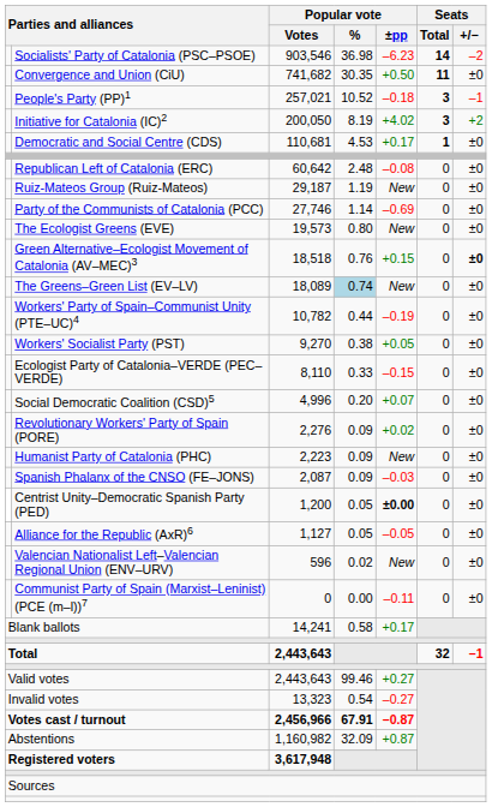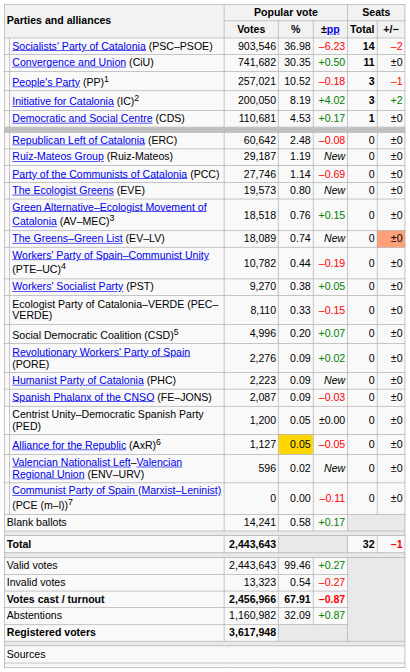 <table class="wikitable" style="text-align:right;">
 <tr>
 <th style="text-align:left;" rowspan="2" colspan="2" width="525">Parties and alliances</th>
 <th colspan="3">Popular vote</th>
 <th colspan="2">Seats</th>
 </tr>
 <tr>
 <th width="75">Votes</th>
 <th width="45">%</th>
 <th width="45">±<a href='#'>pp</a></th>
 <th width="35">Total</th>
 <th width="35">+/−</th>
 </tr>
 <tr>
 <td width="1" style="color:inherit;background:"></td>
 <td align="left"><a href='#'>Socialists' Party of Catalonia</a> (PSC–PSOE)</td>
 <td>903,546</td>
 <td>36.98</td>
 <td style="color:red;">–6.23</td>
 <td><strong>14</strong></td>
 <td style="color:red;">–2</td>
 </tr>
 <tr>
 <td style="color:inherit;background:"></td>
 <td align="left"><a href='#'>Convergence and Union</a> (CiU)</td>
 <td>741,682</td>
 <td>30.35</td>
 <td style="color:green;">+0.50</td>
 <td><strong>11</strong></td>
 <td>±0</td>
 </tr>
 <tr>
 <td style="color:inherit;background:"></td>
 <td align="left"><a href='#'>People's Party</a> (PP)<sup>1</sup></td>
 <td>257,021</td>
 <td>10.52</td>
 <td style="color:red;">–0.18</td>
 <td><strong>3</strong></td>
 <td style="color:red;">–1</td>
 </tr>
 <tr>
 <td style="color:inherit;background:"></td>
 <td align="left"><a href='#'>Initiative for Catalonia</a> (IC)<sup>2</sup></td>
 <td>200,050</td>
 <td>8.19</td>
 <td style="color:green;">+4.02</td>
 <td><strong>3</strong></td>
 <td style="color:green;">+2</td>
 </tr>
 <tr>
 <td style="color:inherit;background:"></td>
 <td align="left"><a href='#'>Democratic and Social Centre</a> (CDS)</td>
 <td>110,681</td>
 <td>4.53</td>
 <td style="color:green;">+0.17</td>
 <td><strong>1</strong></td>
 <td>±0</td>
 </tr>
 <tr>
 <td colspan="7" bgcolor="#C0C0C0"></td>
 </tr>
 <tr>
 <td style="color:inherit;background:"></td>
 <td align="left"><a href='#'>Republican Left of Catalonia</a> (ERC)</td>
 <td>60,642</td>
 <td>2.48</td>
 <td style="color:red;">–0.08</td>
 <td>0</td>
 <td>±0</td>
 </tr>
 <tr>
 <td style="color:inherit;background:"></td>
 <td align="left"><a href='#'>Ruiz-Mateos Group</a> (Ruiz-Mateos)</td>
 <td>29,187</td>
 <td>1.19</td>
 <td><em>New</em></td>
 <td>0</td>
 <td>±0</td>
 </tr>
 <tr>
 <td style="color:inherit;background:"></td>
 <td align="left"><a href='#'>Party of the Communists of Catalonia</a> (PCC)</td>
 <td>27,746</td>
 <td>1.14</td>
 <td style="color:red;">–0.69</td>
 <td>0</td>
 <td>±0</td>
 </tr>
 <tr>
 <td style="color:inherit;background:"></td>
 <td align="left"><a href='#'>The Ecologist Greens</a> (EVE)</td>
 <td>19,573</td>
 <td>0.80</td>
 <td><em>New</em></td>
 <td>0</td>
 <td>±0</td>
 </tr>
 <tr>
 <td style="color:inherit;background:"></td>
 <td align="left"><a href='#'>Green Alternative–Ecologist Movement of Catalonia</a> (AV–MEC)<sup>3</sup></td>
 <td>18,518</td>
 <td>0.76</td>
 <td style="color:green;">+0.15</td>
 <td>0</td>
-<td><strong>±0</strong></td>
+<td>±0</td>
 </tr>
 <tr>
 <td style="color:inherit;background:"></td>
 <td align="left"><a href='#'>The Greens–Green List</a> (EV–LV)</td>
 <td>18,089</td>
-<td style="background: lightblue;">0.74</td>
+<td>0.74</td>
 <td><em>New</em></td>
 <td>0</td>
-<td>±0</td>
+<td style="background: lightsalmon;">±0</td>
 </tr>
 <tr>
 <td style="color:inherit;background:"></td>
 <td align="left"><a href='#'>Workers' Party of Spain–Communist Unity</a> (PTE–UC)<sup>4</sup></td>
 <td>10,782</td>
 <td>0.44</td>
 <td style="color:red;">–0.19</td>
 <td>0</td>
 <td>±0</td>
 </tr>
 <tr>
 <td style="color:inherit;background:"></td>
 <td align="left"><a href='#'>Workers' Socialist Party</a> (PST)</td>
 <td>9,270</td>
 <td>0.38</td>
 <td style="color:green;">+0.05</td>
 <td>0</td>
 <td>±0</td>
 </tr>
 <tr>
 <td style="color:inherit;background:"></td>
 <td align="left">Ecologist Party of Catalonia–VERDE (PEC–VERDE)</td>
 <td>8,110</td>
 <td>0.33</td>
 <td style="color:red;">–0.15</td>
 <td>0</td>
 <td>±0</td>
 </tr>
 <tr>
 <td style="color:inherit;background:"></td>
 <td align="left">Social Democratic Coalition (CSD)<sup>5</sup></td>
 <td>4,996</td>
 <td>0.20</td>
 <td style="color:green;">+0.07</td>
 <td>0</td>
 <td>±0</td>
 </tr>
 <tr>
 <td style="color:inherit;background:"></td>
 <td align="left"><a href='#'>Revolutionary Workers' Party of Spain</a> (PORE)</td>
 <td>2,276</td>
 <td>0.09</td>
 <td style="color:green;">+0.02</td>
 <td>0</td>
 <td>±0</td>
 </tr>
 <tr>
 <td style="color:inherit;background:"></td>
 <td align="left"><a href='#'>Humanist Party of Catalonia</a> (PHC)</td>
 <td>2,223</td>
 <td>0.09</td>
 <td><em>New</em></td>
 <td>0</td>
 <td>±0</td>
 </tr>
 <tr>
 <td style="color:inherit;background:"></td>
 <td align="left"><a href='#'>Spanish Phalanx of the CNSO</a> (FE–JONS)</td>
 <td>2,087</td>
 <td>0.09</td>
 <td style="color:red;">–0.03</td>
 <td>0</td>
 <td>±0</td>
 </tr>
 <tr>
 <td bgcolor="white"></td>
 <td align="left">Centrist Unity–Democratic Spanish Party (PED)</td>
 <td>1,200</td>
 <td>0.05</td>
-<td><strong>±0.00</strong></td>
+<td>±0.00</td>
 <td>0</td>
 <td>±0</td>
 </tr>
 <tr>
 <td style="color:inherit;background:"></td>
 <td align="left"><a href='#'>Alliance for the Republic</a> (AxR)<sup>6</sup></td>
 <td>1,127</td>
-<td>0.05</td>
+<td style="background: gold;">0.05</td>
 <td style="color:red;">–0.05</td>
 <td>0</td>
 <td>±0</td>
 </tr>
 <tr>
 <td style="color:inherit;background:"></td>
 <td align="left"><a href='#'>Valencian Nationalist Left</a>–<a href='#'>Valencian Regional Union</a> (ENV–URV)</td>
 <td>596</td>
 <td>0.02</td>
 <td><em>New</em></td>
 <td>0</td>
 <td>±0</td>
 </tr>
 <tr>
 <td style="color:inherit;background:"></td>
 <td align="left"><a href='#'>Communist Party of Spain (Marxist–Leninist)</a> (PCE (m–l))<sup>7</sup></td>
 <td>0</td>
 <td>0.00</td>
 <td style="color:red;">–0.11</td>
 <td>0</td>
 <td>±0</td>
 </tr>
 <tr>
 <td align="left" colspan="2">Blank ballots</td>
 <td>14,241</td>
 <td>0.58</td>
 <td style="color:green;">+0.17</td>
 <td bgcolor="#E9E9E9" colspan="2"></td>
 </tr>
 <tr>
 <td colspan="7" bgcolor="#E9E9E9"></td>
 </tr>
 <tr style="font-weight:bold;">
 <td align="left" colspan="2">Total</td>
 <td>2,443,643</td>
 <td bgcolor="#E9E9E9" colspan="2"></td>
 <td>32</td>
 <td style="color:red;">–1</td>
 </tr>
 <tr>
 <td colspan="7" bgcolor="#E9E9E9"></td>
 </tr>
 <tr>
 <td align="left" colspan="2">Valid votes</td>
 <td>2,443,643</td>
 <td>99.46</td>
 <td style="color:green;">+0.27</td>
 <td bgcolor="#E9E9E9" colspan="2" rowspan="5"></td>
 </tr>
 <tr>
 <td align="left" colspan="2">Invalid votes</td>
 <td>13,323</td>
 <td>0.54</td>
 <td style="color:red;">–0.27</td>
 </tr>
 <tr style="font-weight:bold;">
 <td align="left" colspan="2">Votes cast / turnout</td>
 <td>2,456,966</td>
 <td>67.91</td>
 <td style="color:red;">–0.87</td>
 </tr>
 <tr>
 <td align="left" colspan="2">Abstentions</td>
 <td>1,160,982</td>
 <td>32.09</td>
 <td style="color:green;">+0.87</td>
 </tr>
 <tr style="font-weight:bold;">
 <td align="left" colspan="2">Registered voters</td>
 <td>3,617,948</td>
 <td bgcolor="#E9E9E9" colspan="2"></td>
 </tr>
 <tr>
 <td colspan="7" bgcolor="#E9E9E9"></td>
 </tr>
 <tr>
 <td align="left" colspan="7">Sources</td>
 </tr>
 <tr>
 <td colspan="7" style="text-align:left; max-width:790px;"></td>
 </tr>
 </table>
